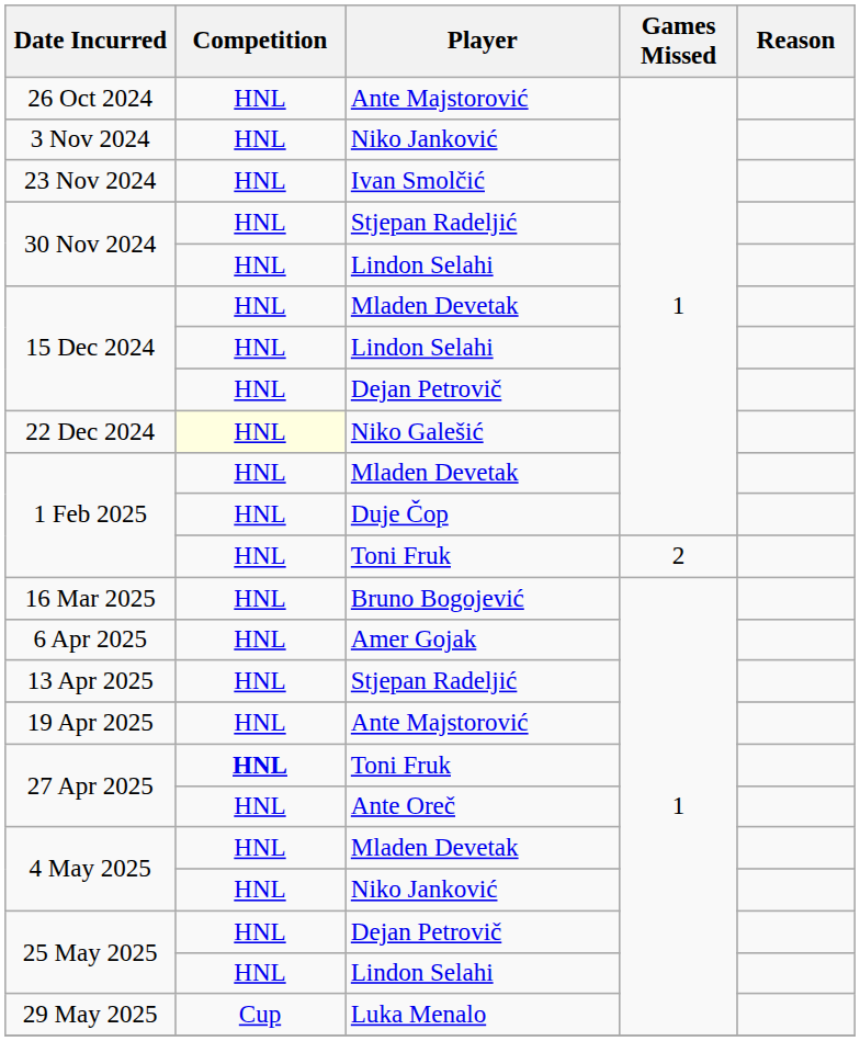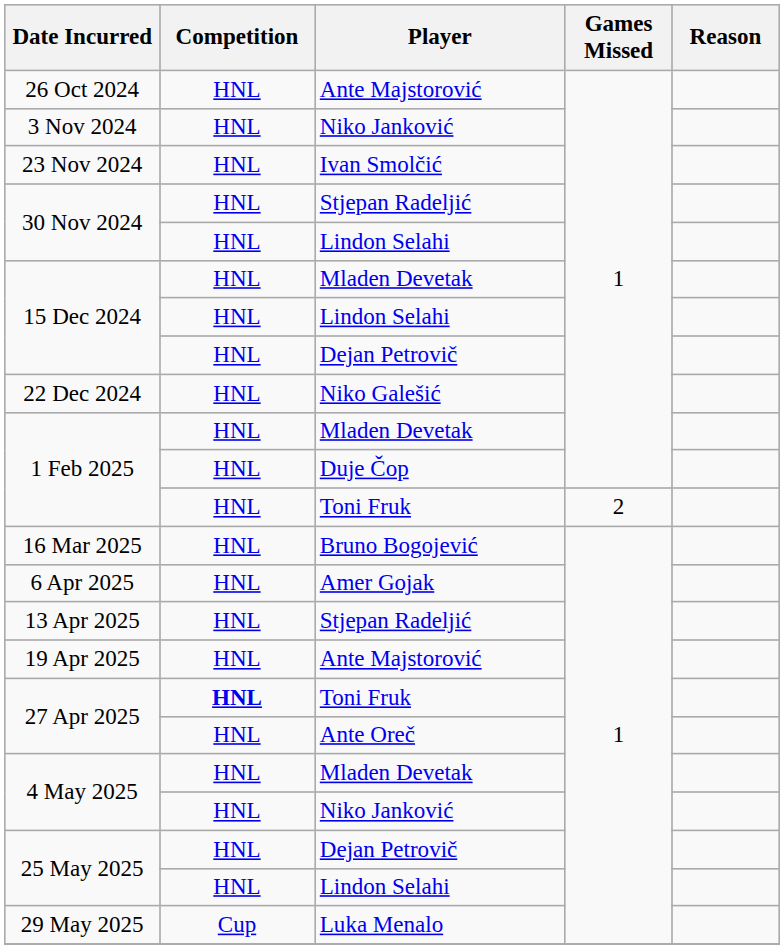 <table class="wikitable" style="font-size: 90%; text-align: center;">
 <tr>
 <th width=90>Date Incurred</th>
 <th width=90>Competition</th>
 <th width=150>Player</th>
 <th width=60>Games Missed</th>
 <th width=60>Reason</th>
 </tr>
 <tr>
 <td>26 Oct 2024</td>
 <td><a href='#'>HNL</a></td>
 <td style="text-align:left;"> <a href='#'>Ante Majstorović</a></td>
 <td rowspan=11>1</td>
 <td>  </td>
 </tr>
 <tr>
 <td>3 Nov 2024</td>
 <td><a href='#'>HNL</a></td>
 <td style="text-align:left;"> <a href='#'>Niko Janković</a></td>
 <td>  </td>
 </tr>
 <tr>
 <td>23 Nov 2024</td>
 <td><a href='#'>HNL</a></td>
 <td style="text-align:left;"> <a href='#'>Ivan Smolčić</a></td>
 <td>  </td>
 </tr>
 <tr>
 <td rowspan=2>30 Nov 2024</td>
 <td><a href='#'>HNL</a></td>
 <td style="text-align:left;"> <a href='#'>Stjepan Radeljić</a></td>
 <td>  </td>
 </tr>
 <tr>
 <td><a href='#'>HNL</a></td>
 <td style="text-align:left;"> <a href='#'>Lindon Selahi</a></td>
 <td></td>
 </tr>
 <tr>
 <td rowspan=3>15 Dec 2024</td>
 <td><a href='#'>HNL</a></td>
 <td style="text-align:left;"> <a href='#'>Mladen Devetak</a></td>
 <td>  </td>
 </tr>
 <tr>
 <td><a href='#'>HNL</a></td>
 <td style="text-align:left;"> <a href='#'>Lindon Selahi</a></td>
 <td>  </td>
 </tr>
 <tr>
 <td><a href='#'>HNL</a></td>
 <td style="text-align:left;"> <a href='#'>Dejan Petrovič</a></td>
 <td>  </td>
 </tr>
 <tr>
 <td>22 Dec 2024</td>
-<td style="background: lightyellow;"><a href='#'>HNL</a></td>
+<td><a href='#'>HNL</a></td>
 <td style="text-align:left;"> <a href='#'>Niko Galešić</a></td>
 <td>  </td>
 </tr>
 <tr>
 <td rowspan=3>1 Feb 2025</td>
 <td><a href='#'>HNL</a></td>
 <td style="text-align:left;"> <a href='#'>Mladen Devetak</a></td>
 <td></td>
 </tr>
 <tr>
 <td><a href='#'>HNL</a></td>
 <td style="text-align:left;"> <a href='#'>Duje Čop</a></td>
 <td>  </td>
 </tr>
 <tr>
 <td><a href='#'>HNL</a></td>
 <td style="text-align:left;"> <a href='#'>Toni Fruk</a></td>
 <td>2</td>
 <td></td>
 </tr>
 <tr>
 <td>16 Mar 2025</td>
 <td><a href='#'>HNL</a></td>
 <td style="text-align:left;"> <a href='#'>Bruno Bogojević</a></td>
 <td rowspan=11>1</td>
 <td>  </td>
 </tr>
 <tr>
 <td>6 Apr 2025</td>
 <td><a href='#'>HNL</a></td>
 <td style="text-align:left;"> <a href='#'>Amer Gojak</a></td>
 <td>  </td>
 </tr>
 <tr>
 <td>13 Apr 2025</td>
 <td><a href='#'>HNL</a></td>
 <td style="text-align:left;"> <a href='#'>Stjepan Radeljić</a></td>
 <td></td>
 </tr>
 <tr>
 <td>19 Apr 2025</td>
 <td><a href='#'>HNL</a></td>
 <td style="text-align:left;"> <a href='#'>Ante Majstorović</a></td>
 <td>  </td>
 </tr>
 <tr>
 <td rowspan=2>27 Apr 2025</td>
 <td><strong><a href='#'>HNL</a></strong></td>
 <td style="text-align:left;"> <a href='#'>Toni Fruk</a></td>
 <td>  </td>
 </tr>
 <tr>
 <td><a href='#'>HNL</a></td>
 <td style="text-align:left;"> <a href='#'>Ante Oreč</a></td>
 <td>  </td>
 </tr>
 <tr>
 <td rowspan=2>4 May 2025</td>
 <td><a href='#'>HNL</a></td>
 <td style="text-align:left;"> <a href='#'>Mladen Devetak</a></td>
 <td>  </td>
 </tr>
 <tr>
 <td><a href='#'>HNL</a></td>
 <td style="text-align:left;"> <a href='#'>Niko Janković</a></td>
 <td>  </td>
 </tr>
 <tr>
 <td rowspan=2>25 May 2025</td>
 <td><a href='#'>HNL</a></td>
 <td style="text-align:left;"> <a href='#'>Dejan Petrovič</a></td>
 <td>  </td>
 </tr>
 <tr>
 <td><a href='#'>HNL</a></td>
 <td style="text-align:left;"> <a href='#'>Lindon Selahi</a></td>
 <td>  </td>
 </tr>
 <tr>
 <td>29 May 2025</td>
 <td><a href='#'>Cup</a></td>
 <td style="text-align:left;"> <a href='#'>Luka Menalo</a></td>
 <td></td>
 </tr>
 <tr>
 </tr>
 </table>
